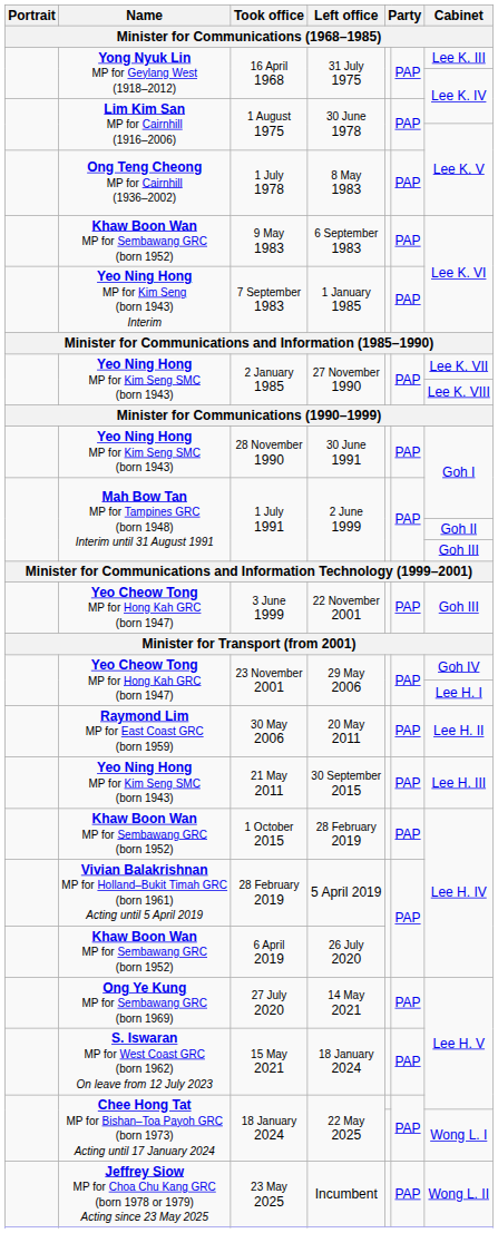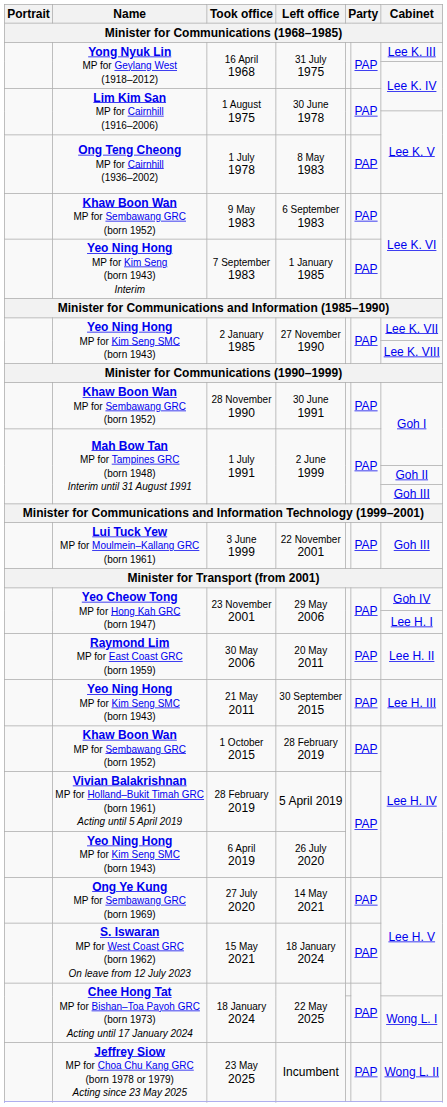 <table class="wikitable" style="text-align:center; border:1px #aaf solid;">
 <tr>
 <th>Portrait</th>
 <th>Name<br></th>
 <th width="85">Took office</th>
 <th width="85">Left office</th>
 <th colspan="2">Party</th>
 <th>Cabinet</th>
 </tr>
 <tr>
 <th colspan="7">Minister for Communications (1968–1985)</th>
 </tr>
 <tr>
 <td rowspan="2"></td>
 <td rowspan="2"><strong><a href='#'>Yong Nyuk Lin</a></strong><br><small>MP for <a href='#'>Geylang West</a></small><br><small>(1918–2012)</small></td>
 <td rowspan="2"><small>16 April</small><br>1968</td>
 <td rowspan="2"><small>31 July</small><br>1975</td>
 <td rowspan="2" style="background:"></td>
 <td rowspan="2"><a href='#'>PAP</a></td>
 <td><a href='#'>Lee K. III</a></td>
 </tr>
 <tr>
 <td rowspan="2"><a href='#'>Lee K. IV</a></td>
 </tr>
 <tr style="height:30px;">
 <td rowspan="2"></td>
 <td rowspan="2"><strong><a href='#'>Lim Kim San</a></strong><br><small>MP for <a href='#'>Cairnhill</a></small><br><small>(1916–2006)</small></td>
 <td rowspan="2"><small>1 August</small><br>1975</td>
 <td rowspan="2"><small>30 June</small><br>1978</td>
 <td rowspan="2" style="background:"></td>
 <td rowspan="2"><a href='#'>PAP</a></td>
 </tr>
 <tr>
 <td rowspan="2"><a href='#'>Lee K. V</a></td>
 </tr>
 <tr style="height:78px;">
 <td rowspan="2"></td>
 <td rowspan="2"><strong><a href='#'>Ong Teng Cheong</a></strong><br><small>MP for <a href='#'>Cairnhill</a></small><br><small>(1936–2002)</small></td>
 <td rowspan="2"><small>1 July</small><br>1978</td>
 <td rowspan="2"><small>8 May</small><br>1983</td>
 <td rowspan="2" style="background:"></td>
 <td rowspan="2"><a href='#'>PAP</a></td>
 </tr>
 <tr>
 <td rowspan="3"><a href='#'>Lee K. VI</a></td>
 </tr>
 <tr>
 <td></td>
 <td><strong><a href='#'>Khaw Boon Wan</a></strong><br><small>MP for <a href='#'>Sembawang GRC</a><br>(born 1952)</small></td>
 <td><small>9 May</small><br>1983</td>
 <td><small>6 September</small><br>1983</td>
 <td style="background:"></td>
 <td><a href='#'>PAP</a></td>
 </tr>
 <tr>
 <td></td>
 <td><strong><a href='#'>Yeo Ning Hong</a></strong><br><small>MP for <a href='#'>Kim Seng</a><br>(born 1943)<br><em>Interim</em></small></td>
 <td><small>7 September</small><br>1983</td>
 <td><small>1 January</small><br>1985</td>
 <td style="background:"></td>
 <td><a href='#'>PAP</a></td>
 </tr>
 <tr>
 <th colspan="7">Minister for Communications and Information (1985–1990)</th>
 </tr>
 <tr>
 <td rowspan="2"></td>
 <td rowspan="2"><strong><a href='#'>Yeo Ning Hong</a></strong><br><small>MP for <a href='#'>Kim Seng SMC</a></small><br><small>(born 1943)</small></td>
 <td rowspan="2"><small>2 January</small><br>1985</td>
 <td rowspan="2"><small>27 November</small><br>1990</td>
 <td rowspan="2" style="background:"></td>
 <td rowspan="2"><a href='#'>PAP</a></td>
 <td><a href='#'>Lee K. VII</a></td>
 </tr>
 <tr>
 <td><a href='#'>Lee K. VIII</a></td>
 </tr>
 <tr>
 <th colspan="7">Minister for Communications (1990–1999)</th>
 </tr>
 <tr>
 <td></td>
-<td><strong><a href='#'>Yeo Ning Hong</a></strong><br><small>MP for <a href='#'>Kim Seng SMC</a></small><br><small>(born 1943)</small></td>
+<td><strong><a href='#'>Khaw Boon Wan</a></strong><br><small>MP for <a href='#'>Sembawang GRC</a><br>(born 1952)</small></td>
 <td><small>28 November</small><br>1990</td>
 <td><small>30 June</small><br>1991</td>
 <td style="background:"></td>
 <td><a href='#'>PAP</a></td>
 <td rowspan="2"><a href='#'>Goh I</a></td>
 </tr>
 <tr style="height:49px;">
 <td rowspan="3"></td>
 <td rowspan="3"><strong><a href='#'>Mah Bow Tan</a></strong><br><small>MP for <a href='#'>Tampines GRC</a><br>(born 1948)<br><em>Interim until 31 August 1991</em></small></td>
 <td rowspan="3"><small>1 July</small><br>1991</td>
 <td rowspan="3"><small>2 June</small><br>1999</td>
 <td rowspan="3" style="background:"></td>
 <td rowspan="3"><a href='#'>PAP</a></td>
 </tr>
 <tr>
 <td><a href='#'>Goh II</a></td>
 </tr>
 <tr>
 <td><a href='#'>Goh III</a></td>
 </tr>
 <tr>
 <th colspan="7">Minister for Communications and Information Technology (1999–2001)</th>
 </tr>
 <tr>
 <td></td>
-<td><strong><a href='#'>Yeo Cheow Tong</a></strong><br><small>MP for <a href='#'>Hong Kah GRC</a><br>(born 1947)</small></td>
+<td><strong><a href='#'>Lui Tuck Yew</a></strong><br><small>MP for <a href='#'>Moulmein–Kallang GRC</a><br>(born 1961)</small></td>
 <td><small>3 June</small><br>1999</td>
 <td><small>22 November</small><br>2001</td>
 <td style="background:"></td>
 <td><a href='#'>PAP</a></td>
 <td><a href='#'>Goh III</a></td>
 </tr>
 <tr>
 <th colspan="7">Minister for Transport (from 2001)</th>
 </tr>
 <tr>
 <td rowspan="2"></td>
 <td rowspan="2"><strong><a href='#'>Yeo Cheow Tong</a></strong><br><small>MP for <a href='#'>Hong Kah GRC</a><br>(born 1947)</small></td>
 <td rowspan="2"><small>23 November</small><br>2001</td>
 <td rowspan="2"><small>29 May</small><br>2006</td>
 <td rowspan="2" style="background:"></td>
 <td rowspan="2"><a href='#'>PAP</a></td>
 <td><a href='#'>Goh IV</a></td>
 </tr>
 <tr>
 <td><a href='#'>Lee H. I</a></td>
 </tr>
 <tr>
 <td></td>
 <td><strong><a href='#'>Raymond Lim</a></strong><br><small>MP for <a href='#'>East Coast GRC</a><br>(born 1959)</small></td>
 <td><small>30 May</small><br>2006</td>
 <td><small>20 May</small><br>2011</td>
 <td style="background:"></td>
 <td><a href='#'>PAP</a></td>
 <td><a href='#'>Lee H. II</a></td>
 </tr>
 <tr>
 <td></td>
 <td><strong><a href='#'>Yeo Ning Hong</a></strong><br><small>MP for <a href='#'>Kim Seng SMC</a></small><br><small>(born 1943)</small></td>
 <td><small>21 May</small><br>2011</td>
 <td><small>30 September</small><br>2015</td>
 <td style="background:"></td>
 <td><a href='#'>PAP</a></td>
 <td><a href='#'>Lee H. III</a></td>
 </tr>
 <tr>
 <td></td>
 <td><strong><a href='#'>Khaw Boon Wan</a></strong><br><small>MP for <a href='#'>Sembawang GRC</a><br>(born 1952)</small></td>
 <td><small>1 October</small><br>2015</td>
 <td><small>28 February</small><br>2019</td>
 <td style="background:"></td>
 <td><a href='#'>PAP</a></td>
 <td rowspan="3"><a href='#'>Lee H. IV</a></td>
 </tr>
 <tr>
 <td></td>
 <td><strong><a href='#'>Vivian Balakrishnan</a></strong><br><small>MP for <a href='#'>Holland–Bukit Timah GRC</a></small><br><small>(born 1961)</small><br><small><em>Acting until 5 April 2019</em></small></td>
 <td><small>28 February</small><br>2019</td>
 <td>5 April 2019</td>
 <td rowspan="2" style="background:"></td>
 <td rowspan="2"><a href='#'>PAP</a></td>
 </tr>
 <tr>
 <td></td>
-<td><strong><a href='#'>Khaw Boon Wan</a></strong><br><small>MP for <a href='#'>Sembawang GRC</a><br>(born 1952)</small></td>
+<td><strong><a href='#'>Yeo Ning Hong</a></strong><br><small>MP for <a href='#'>Kim Seng SMC</a></small><br><small>(born 1943)</small></td>
 <td><small>6 April</small><br>2019</td>
 <td><small>26 July</small><br>2020</td>
 </tr>
 <tr>
 <td></td>
 <td><strong><a href='#'>Ong Ye Kung</a></strong><br><small>MP for <a href='#'>Sembawang GRC</a><br>(born 1969)</small></td>
 <td><small>27 July</small><br>2020</td>
 <td><small>14 May</small><br>2021</td>
 <td style="background:"></td>
 <td><a href='#'>PAP</a></td>
 <td rowspan="3"><a href='#'>Lee H. V</a></td>
 </tr>
 <tr>
 <td></td>
 <td><strong><a href='#'>S. Iswaran</a></strong><br><small>MP for <a href='#'>West Coast GRC</a><br>(born 1962)</small><br><small> <em>On leave from 12 July 2023</em></small></td>
 <td><small>15 May</small><br>2021</td>
 <td><small>18 January</small><br>2024</td>
 <td style="background:"></td>
 <td><a href='#'>PAP</a></td>
 </tr>
 <tr>
 <td rowspan="2"></td>
 <td rowspan="2"><strong><a href='#'>Chee Hong Tat</a></strong><br><small>MP for <a href='#'>Bishan–Toa Payoh GRC</a><br>(born 1973)<br><em>Acting until 17 January 2024</em></small></td>
 <td rowspan="2"><small>18 January</small><br>2024</td>
 <td rowspan="2"><small>22 May</small><br>2025</td>
 <td style="background:"></td>
 <td rowspan="2"><a href='#'>PAP</a></td>
 </tr>
 <tr>
 <td style="background:"></td>
 <td><a href='#'>Wong L. I</a></td>
 </tr>
 <tr>
 <td rowspan="2"></td>
 <td rowspan="2"><strong><a href='#'>Jeffrey Siow</a></strong><br><small>MP for <a href='#'>Choa Chu Kang GRC</a><br>(born 1978 or 1979)<br><em>Acting since 23 May 2025</em></small></td>
 <td rowspan="2"><small>23 May</small><br>2025</td>
 <td rowspan="2">Incumbent</td>
 <td style="background:"></td>
 <td rowspan="2"><a href='#'>PAP</a></td>
 <td><a href='#'>Wong L. II</a></td>
 </tr>
 <tr>
 </tr>
 <tr>
 </tr>
 <tr>
 </tr>
 </table>
